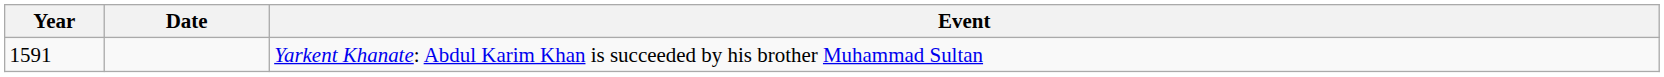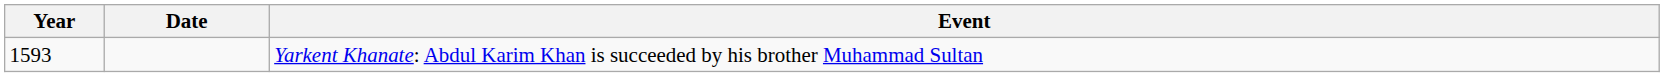 <table class="wikitable" width="100%">
 <tr>
 <th style="width:6%">Year</th>
 <th style="width:10%">Date</th>
 <th>Event</th>
 </tr>
 <tr>
-<td>1591</td>
+<td>1593</td>
 <td></td>
 <td><em><a href='#'>Yarkent Khanate</a></em>: <a href='#'>Abdul Karim Khan</a> is succeeded by his brother <a href='#'>Muhammad Sultan</a></td>
 </tr>
 </table>
